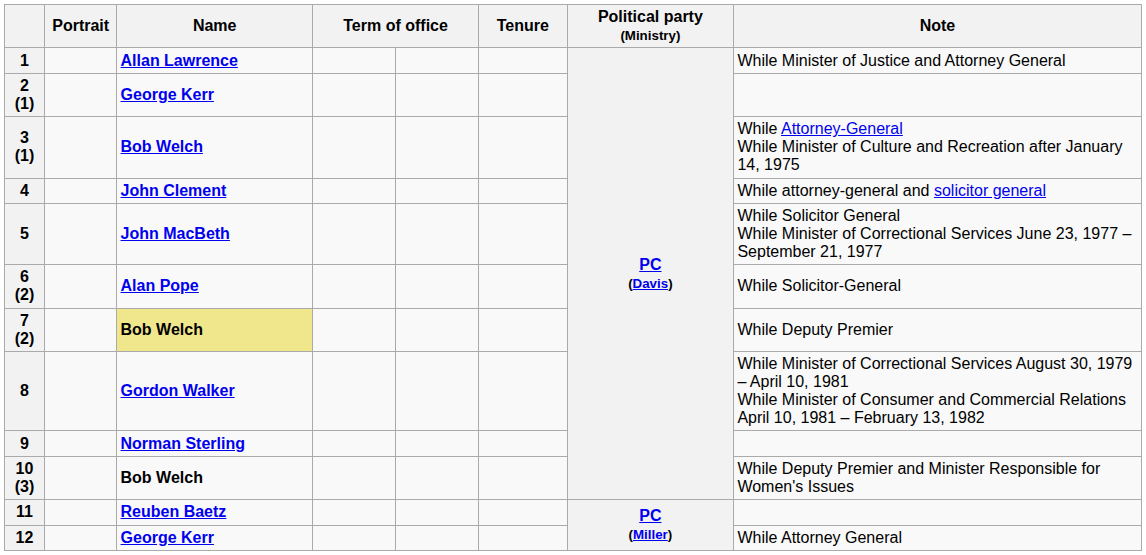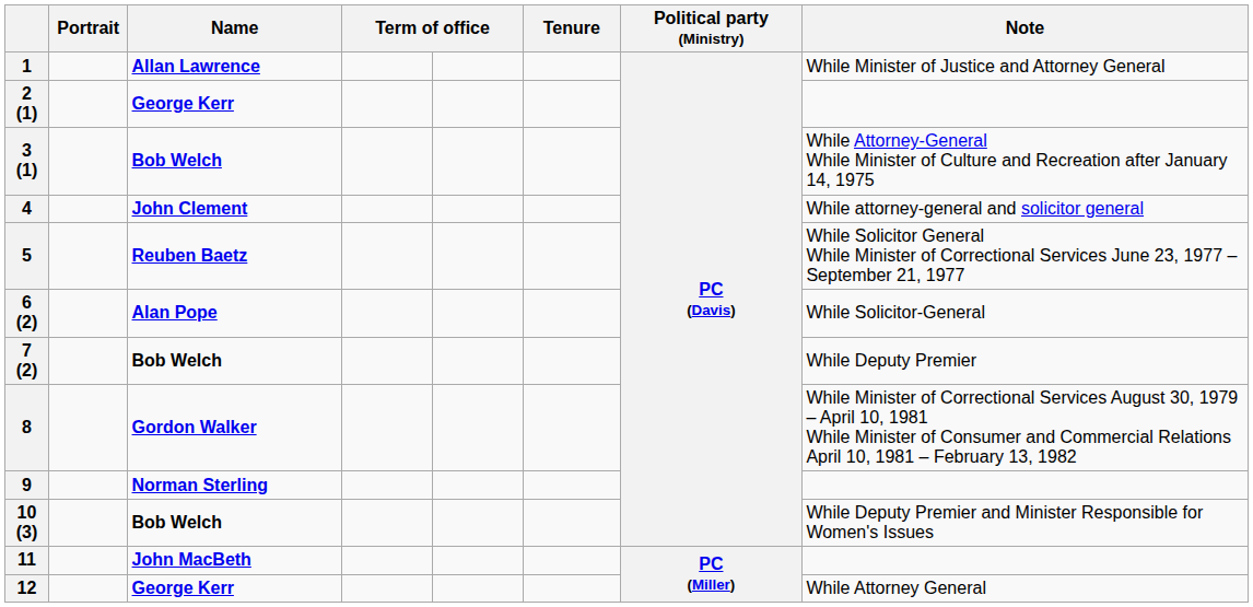 <table class="wikitable" style="width: 90%">
 <tr>
 <th></th>
 <th style="width: 65px;">Portrait</th>
 <th>Name</th>
 <th colspan=2>Term of office</th>
 <th>Tenure</th>
 <th>Political party<br><small>(Ministry)</small></th>
 <th style="width: 400px;">Note</th>
 </tr>
 <tr>
 <th style="background:">1</th>
 <td></td>
 <td><strong><a href='#'>Allan Lawrence</a></strong></td>
 <td></td>
 <td></td>
 <td></td>
 <th rowspan=10; style="background:"><a href='#'>PC</a><br><small>(<a href='#'>Davis</a>)</small></th>
 <td>While Minister of Justice and Attorney General</td>
 </tr>
 <tr>
 <th style="background:">2 <br> (1)</th>
 <td></td>
 <td><strong><a href='#'>George Kerr</a></strong></td>
 <td></td>
 <td></td>
 <td></td>
 <td></td>
 </tr>
 <tr>
 <th style="background:">3 <br> (1)</th>
 <td></td>
 <td><strong><a href='#'>Bob Welch</a></strong></td>
 <td></td>
 <td></td>
 <td></td>
 <td>While <a href='#'>Attorney-General</a> <br> While Minister of Culture and Recreation after January 14, 1975</td>
 </tr>
 <tr>
 <th style="background:">4</th>
 <td></td>
 <td><strong><a href='#'>John Clement</a></strong></td>
 <td></td>
 <td></td>
 <td></td>
 <td>While attorney-general and <a href='#'>solicitor general</a></td>
 </tr>
 <tr>
 <th style="background:">5</th>
 <td></td>
-<td><strong><a href='#'>John MacBeth</a></strong></td>
+<td><strong><a href='#'>Reuben Baetz</a></strong></td>
 <td></td>
 <td></td>
 <td></td>
 <td>While Solicitor General <br> While Minister of Correctional Services June 23, 1977 – September 21, 1977</td>
 </tr>
 <tr>
 <th style="background:">6 <br> (2)</th>
 <td></td>
 <td><strong><a href='#'>Alan Pope</a></strong></td>
 <td></td>
 <td></td>
 <td></td>
 <td>While Solicitor-General</td>
 </tr>
 <tr>
 <th style="background:">7 <br> (2)</th>
 <td></td>
-<td style="background: khaki;"><strong>Bob Welch</strong></td>
+<td><strong>Bob Welch</strong></td>
 <td></td>
 <td></td>
 <td></td>
 <td>While Deputy Premier</td>
 </tr>
 <tr>
 <th style="background:">8</th>
 <td></td>
 <td><strong><a href='#'>Gordon Walker</a></strong></td>
 <td></td>
 <td></td>
 <td></td>
 <td>While Minister of Correctional Services August 30, 1979 – April 10, 1981 <br> While Minister of Consumer and Commercial Relations April 10, 1981 – February 13, 1982</td>
 </tr>
 <tr>
 <th style="background:">9</th>
 <td></td>
 <td><strong><a href='#'>Norman Sterling</a></strong></td>
 <td></td>
 <td></td>
 <td></td>
 <td></td>
 </tr>
 <tr>
 <th style="background:">10 <br> (3)</th>
 <td></td>
 <td><strong>Bob Welch</strong></td>
 <td></td>
 <td></td>
 <td></td>
 <td>While Deputy Premier and Minister Responsible for Women's Issues</td>
 </tr>
 <tr>
 <th style="background:">11</th>
 <td></td>
-<td><strong><a href='#'>Reuben Baetz</a></strong></td>
+<td><strong><a href='#'>John MacBeth</a></strong></td>
 <td></td>
 <td></td>
 <td></td>
 <th rowspan=2; style="background:"><a href='#'>PC</a><br><small>(<a href='#'>Miller</a>)</small></th>
 <td></td>
 </tr>
 <tr>
 <th style="background:">12</th>
 <td></td>
 <td><strong><a href='#'>George Kerr</a></strong></td>
 <td></td>
 <td></td>
 <td></td>
 <td>While Attorney General</td>
 </tr>
 <tr>
 </tr>
 </table>
